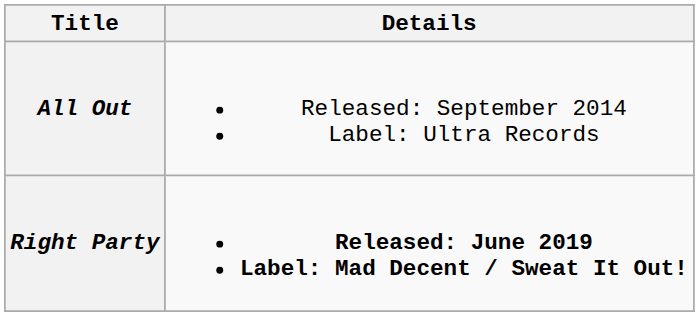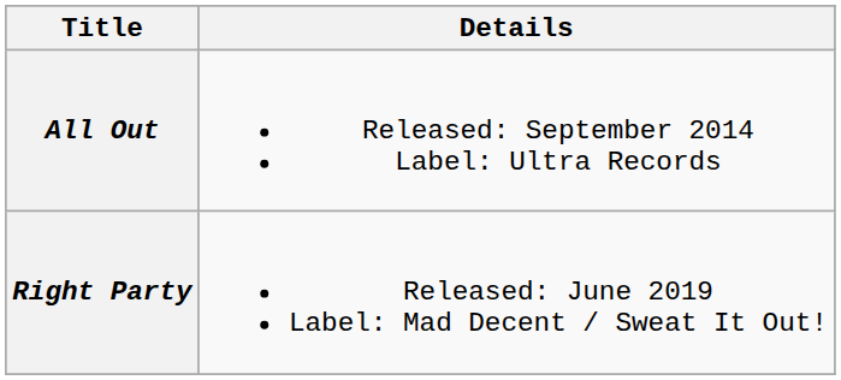 <table class="wikitable plainrowheaders" style="text-align:center;" border="1">
 <tr>
 <th>Title</th>
 <th>Details</th>
 </tr>
 <tr>
 <th scope="row"><em>All Out</em></th>
 <td><br><ul><li>Released: September 2014</li><li>Label: Ultra Records</li></ul></td>
 </tr>
 <tr>
 <th scope="row"><em>Right Party</em></th>
-<td><strong><br><ul><li>Released: June 2019</li><li>Label: Mad Decent / Sweat It Out!</li></ul></strong></td>
+<td><br><ul><li>Released: June 2019</li><li>Label: Mad Decent / Sweat It Out!</li></ul></td>
 </tr>
 </table>
